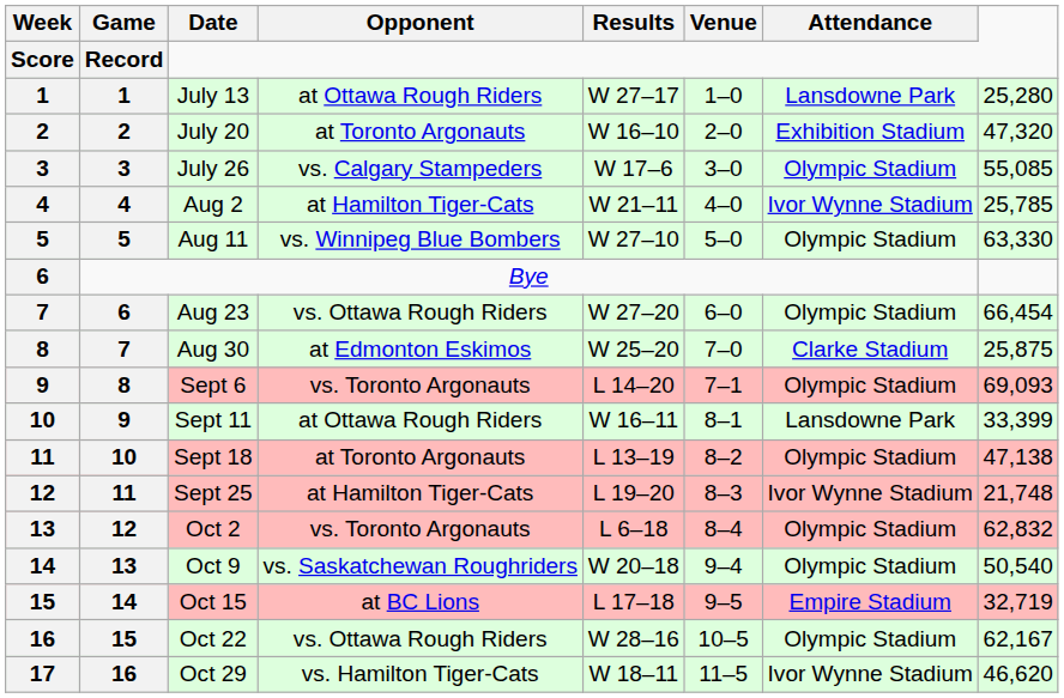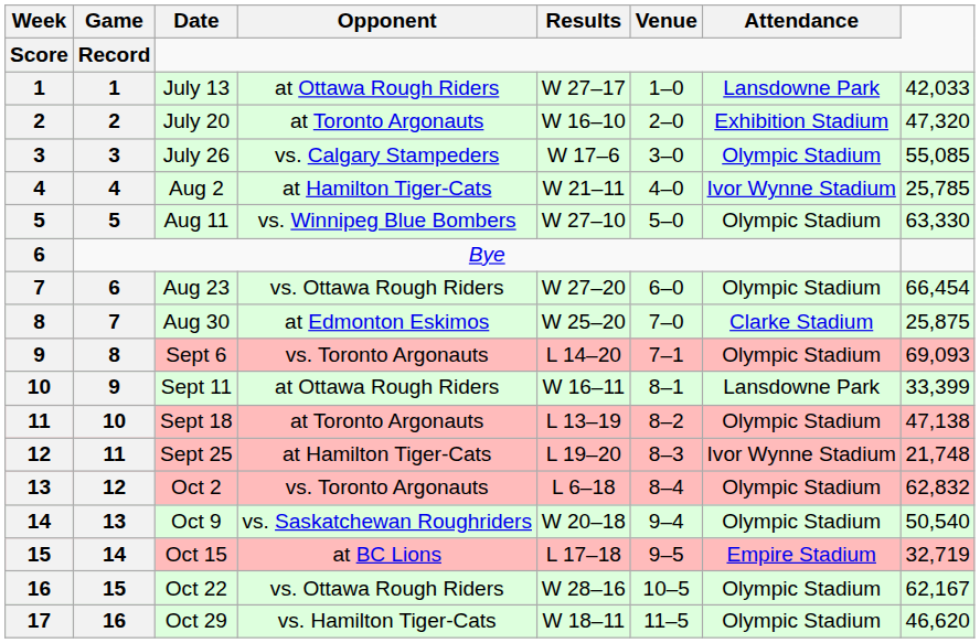 <table class="wikitable" style="text-align:center">
 <tr>
 <th>Week</th>
 <th>Game</th>
 <th>Date</th>
 <th>Opponent</th>
 <th>Results</th>
 <th>Venue</th>
 <th>Attendance</th>
 </tr>
 <tr>
 <th>Score</th>
 <th>Record</th>
 </tr>
 <tr style="background:#ddffdd">
 <th>1</th>
 <th>1</th>
 <td>July 13</td>
 <td>at <a href='#'>Ottawa Rough Riders</a></td>
 <td>W 27–17</td>
 <td>1–0</td>
 <td><a href='#'>Lansdowne Park</a></td>
-<td>25,280</td>
+<td>42,033</td>
 </tr>
 <tr style="background:#ddffdd">
 <th>2</th>
 <th>2</th>
 <td>July 20</td>
 <td>at <a href='#'>Toronto Argonauts</a></td>
 <td>W 16–10</td>
 <td>2–0</td>
 <td><a href='#'>Exhibition Stadium</a></td>
 <td>47,320</td>
 </tr>
 <tr style="background:#ddffdd">
 <th>3</th>
 <th>3</th>
 <td>July 26</td>
 <td>vs. <a href='#'>Calgary Stampeders</a></td>
 <td>W 17–6</td>
 <td>3–0</td>
 <td><a href='#'>Olympic Stadium</a></td>
 <td>55,085</td>
 </tr>
 <tr style="background:#ddffdd">
 <th>4</th>
 <th>4</th>
 <td>Aug 2</td>
 <td>at <a href='#'>Hamilton Tiger-Cats</a></td>
 <td>W 21–11</td>
 <td>4–0</td>
 <td><a href='#'>Ivor Wynne Stadium</a></td>
 <td>25,785</td>
 </tr>
 <tr style="background:#ddffdd">
 <th>5</th>
 <th>5</th>
 <td>Aug 11</td>
 <td>vs. <a href='#'>Winnipeg Blue Bombers</a></td>
 <td>W 27–10</td>
 <td>5–0</td>
 <td>Olympic Stadium</td>
 <td>63,330</td>
 </tr>
 <tr>
 <th>6</th>
 <td colspan=6 align="center"><em><a href='#'>Bye</a></em></td>
 </tr>
 <tr style="background:#ddffdd">
 <th>7</th>
 <th>6</th>
 <td>Aug 23</td>
 <td>vs. Ottawa Rough Riders</td>
 <td>W 27–20</td>
 <td>6–0</td>
 <td>Olympic Stadium</td>
 <td>66,454</td>
 </tr>
 <tr style="background:#ddffdd">
 <th>8</th>
 <th>7</th>
 <td>Aug 30</td>
 <td>at <a href='#'>Edmonton Eskimos</a></td>
 <td>W 25–20</td>
 <td>7–0</td>
 <td><a href='#'>Clarke Stadium</a></td>
 <td>25,875</td>
 </tr>
 <tr style="background:#ffbbbb">
 <th>9</th>
 <th>8</th>
 <td>Sept 6</td>
 <td>vs. Toronto Argonauts</td>
 <td>L 14–20</td>
 <td>7–1</td>
 <td>Olympic Stadium</td>
 <td>69,093</td>
 </tr>
 <tr style="background:#ddffdd">
 <th>10</th>
 <th>9</th>
 <td>Sept 11</td>
 <td>at Ottawa Rough Riders</td>
 <td>W 16–11</td>
 <td>8–1</td>
 <td>Lansdowne Park</td>
 <td>33,399</td>
 </tr>
 <tr style="background:#ffbbbb">
 <th>11</th>
 <th>10</th>
 <td>Sept 18</td>
 <td>at Toronto Argonauts</td>
 <td>L 13–19</td>
 <td>8–2</td>
 <td>Olympic Stadium</td>
 <td>47,138</td>
 </tr>
 <tr style="background:#ffbbbb">
 <th>12</th>
 <th>11</th>
 <td>Sept 25</td>
 <td>at Hamilton Tiger-Cats</td>
 <td>L 19–20</td>
 <td>8–3</td>
 <td>Ivor Wynne Stadium</td>
 <td>21,748</td>
 </tr>
 <tr style="background:#ffbbbb">
 <th>13</th>
 <th>12</th>
 <td>Oct 2</td>
 <td>vs. Toronto Argonauts</td>
 <td>L 6–18</td>
 <td>8–4</td>
 <td>Olympic Stadium</td>
 <td>62,832</td>
 </tr>
 <tr style="background:#ddffdd">
 <th>14</th>
 <th>13</th>
 <td>Oct 9</td>
 <td>vs. <a href='#'>Saskatchewan Roughriders</a></td>
 <td>W 20–18</td>
 <td>9–4</td>
 <td>Olympic Stadium</td>
 <td>50,540</td>
 </tr>
 <tr style="background:#ffbbbb">
 <th>15</th>
 <th>14</th>
 <td>Oct 15</td>
 <td>at <a href='#'>BC Lions</a></td>
 <td>L 17–18</td>
 <td>9–5</td>
 <td><a href='#'>Empire Stadium</a></td>
 <td>32,719</td>
 </tr>
 <tr style="background:#ddffdd">
 <th>16</th>
 <th>15</th>
 <td>Oct 22</td>
 <td>vs. Ottawa Rough Riders</td>
 <td>W 28–16</td>
 <td>10–5</td>
 <td>Olympic Stadium</td>
 <td>62,167</td>
 </tr>
 <tr style="background:#ddffdd">
 <th>17</th>
 <th>16</th>
 <td>Oct 29</td>
 <td>vs. Hamilton Tiger-Cats</td>
 <td>W 18–11</td>
 <td>11–5</td>
-<td>Ivor Wynne Stadium</td>
+<td>Olympic Stadium</td>
 <td>46,620</td>
 </tr>
 </table>
